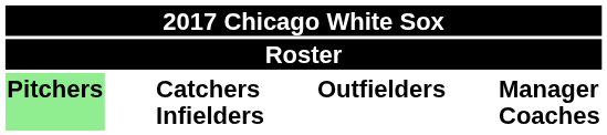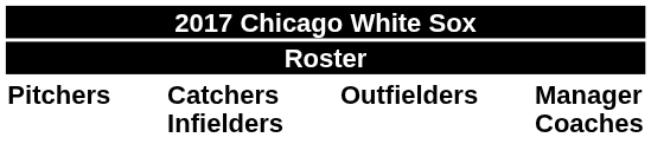 <table class="toccolours" style="font-size: 95%;">
 <tr>
 <th colspan="10" style="background:black; color:#fff; text-align:center;">2017 Chicago White Sox</th>
 </tr>
 <tr>
 <td colspan="10" style="background:black; color:white; text-align:center;"><strong>Roster</strong></td>
 </tr>
 <tr>
-<td valign="top" style="background: lightgreen;"><strong>Pitchers</strong><br>                             </td>
+<td valign="top"><strong>Pitchers</strong><br>                             </td>
 <td style="width:25px;"></td>
 <td valign="top"><strong>Catchers</strong><br>    <strong>Infielders</strong>        </td>
 <td style="width:25px;"></td>
 <td valign="top"><strong>Outfielders</strong><br>        </td>
 <td style="width:25px;"></td>
 <td valign="top"><strong>Manager</strong><br> <strong>Coaches</strong>                </td>
 </tr>
 </table>
